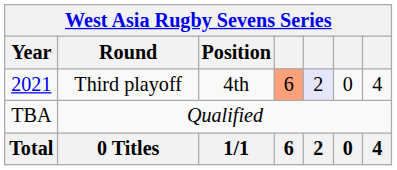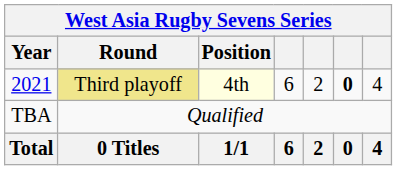 <table class="wikitable" style="text-align: center;">
 <tr>
 <th colspan=10><a href='#'>West Asia Rugby Sevens Series</a></th>
 </tr>
 <tr>
 <th>Year</th>
 <th style="width:6.5em;">Round</th>
 <th style="padding:2px;">Position</th>
 <th style="width:1em;"></th>
 <th style="width:1em;"></th>
 <th style="width:1em;"></th>
 <th style="width:1em;"></th>
 </tr>
 <tr>
 <td> <a href='#'>2021</a></td>
-<td>Third playoff</td>
-<td>4th</td>
-<td style="background: lightsalmon;">6</td>
-<td style="background: lavender;">2</td>
-<td>0</td>
+<td style="background: khaki;">Third playoff</td>
+<td style="background: lightyellow;">4th</td>
+<td>6</td>
+<td>2</td>
+<td><strong>0</strong></td>
 <td>4</td>
 </tr>
 <tr>
 <td>TBA</td>
 <td colspan=6><em>Qualified</em></td>
 </tr>
 <tr>
 <th>Total</th>
 <th>0 Titles</th>
 <th>1/1</th>
 <th>6</th>
 <th>2</th>
 <th>0</th>
 <th>4</th>
 </tr>
 </table>
